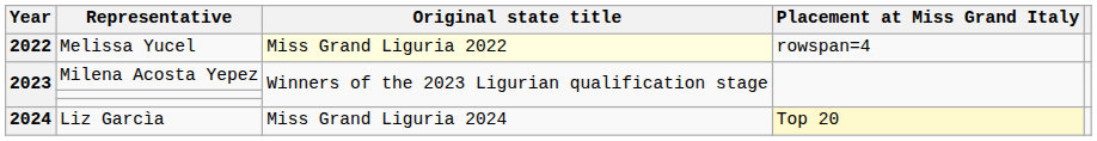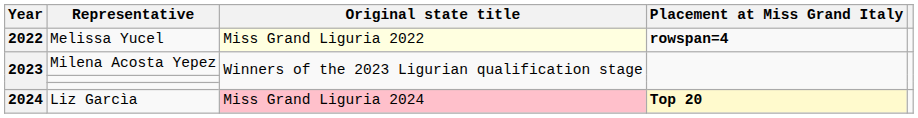 <table class="wikitable defaultcenter col2left" style="font-size:95%;">
 <tr>
 <th>Year</th>
 <th>Representative</th>
 <th>Original state title</th>
 <th>Placement at Miss Grand Italy</th>
 <th></th>
 </tr>
 <tr !>
 <th>2022</th>
 <td>Melissa Yucel</td>
 <td style="background: lightyellow;">Miss Grand Liguria 2022</td>
-<td>rowspan=4 </td>
+<td><strong>rowspan=4 </strong></td>
 <td></td>
 </tr>
 <tr>
 <th rowspan=3>2023</th>
 <td>Milena Acosta Yepez</td>
 <td rowspan=3>Winners of the 2023 Ligurian qualification stage</td>
 <td rowspan=3></td>
 </tr>
 <tr>
 <td></td>
 </tr>
 <tr>
 <td></td>
 </tr>
 <tr>
 <th>2024</th>
 <td>Liz Garcìa</td>
-<td>Miss Grand Liguria 2024</td>
-<td bgcolor=#FFFACD>Top 20</td>
+<td style="background: pink;">Miss Grand Liguria 2024</td>
+<td bgcolor=#FFFACD><strong>Top 20</strong></td>
 <td></td>
 </tr>
 </table>
